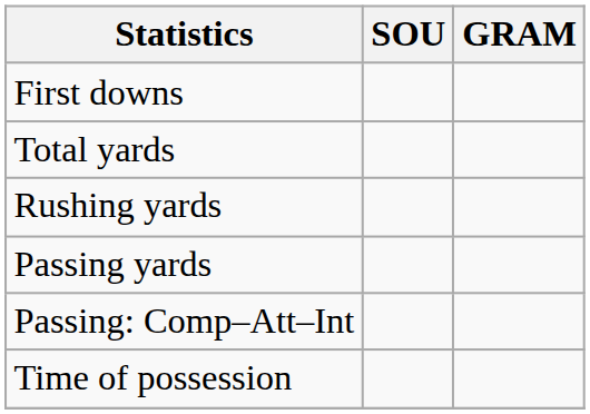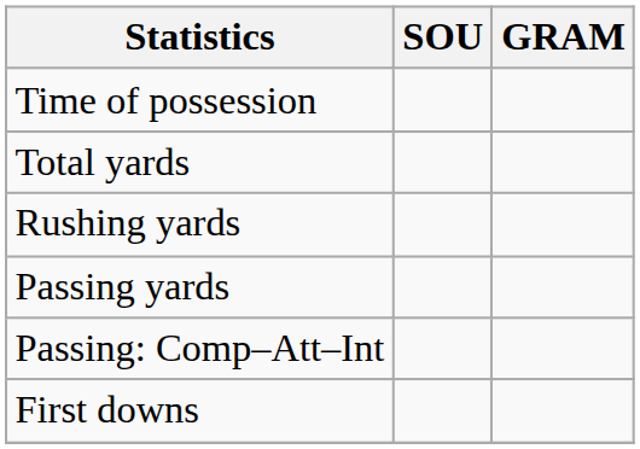 <table class="wikitable" style="float: left;">
 <tr>
 <th>Statistics</th>
 <th>SOU</th>
 <th>GRAM</th>
 </tr>
 <tr>
-<td>First downs</td>
+<td>Time of possession</td>
 <td></td>
 <td></td>
 </tr>
 <tr>
 <td>Total yards</td>
 <td></td>
 <td></td>
 </tr>
 <tr>
 <td>Rushing yards</td>
 <td></td>
 <td></td>
 </tr>
 <tr>
 <td>Passing yards</td>
 <td></td>
 <td></td>
 </tr>
 <tr>
 <td>Passing: Comp–Att–Int</td>
 <td></td>
 <td></td>
 </tr>
 <tr>
-<td>Time of possession</td>
+<td>First downs</td>
 <td></td>
 <td></td>
 </tr>
 <tr>
 </tr>
 </table>
